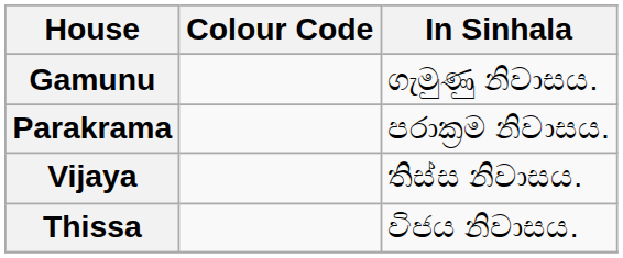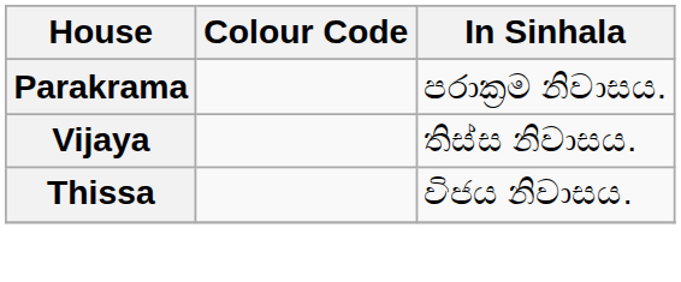 <table border="1" class="wikitable">
 <tr>
 <th>House</th>
 <th>Colour Code</th>
 <th>In Sinhala</th>
-</tr>
-<tr>
-<th>Gamunu</th>
-<td></td>
-<td>ගැමුණු නිවාසය.</td>
 </tr>
 <tr>
 <th>Parakrama</th>
 <td></td>
 <td>පරාක්‍රම නිවාසය.</td>
 </tr>
 <tr>
 <th>Vijaya</th>
 <td></td>
 <td>තිස්ස නිවාසය.</td>
 </tr>
 <tr>
 <th>Thissa</th>
 <td></td>
 <td>විජය නිවාසය.</td>
 </tr>
 <tr>
 </tr>
 </table>
